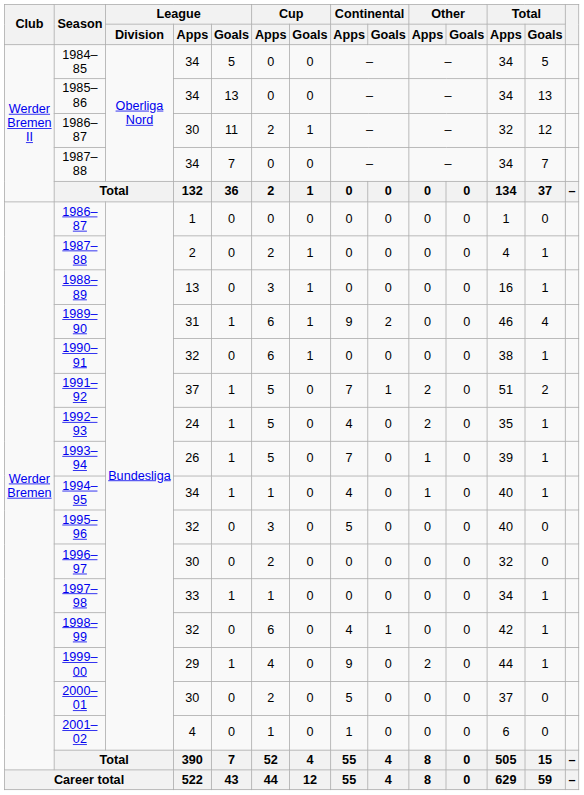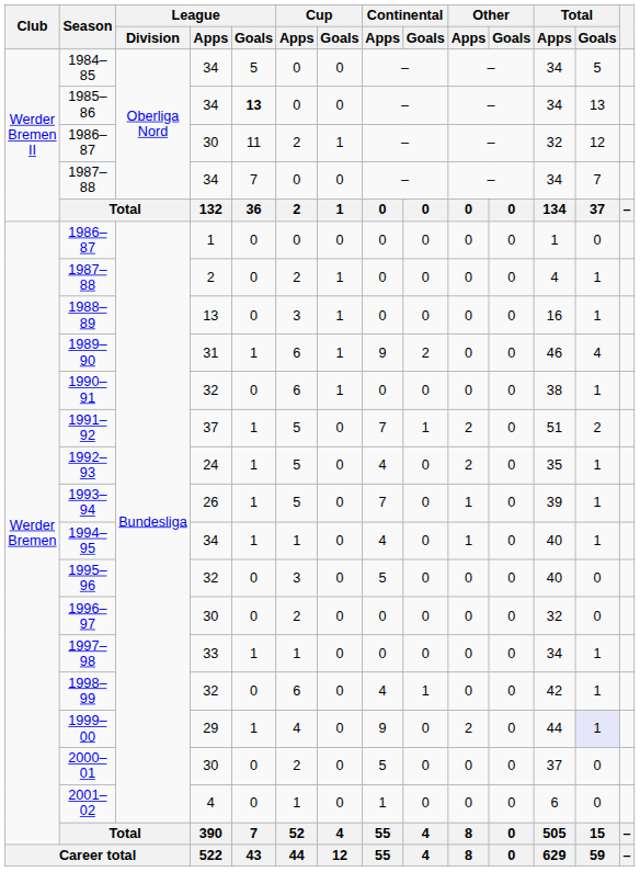 <table class="wikitable" style="text-align: center">
 <tr>
 <th rowspan="2">Club</th>
 <th rowspan="2">Season</th>
 <th colspan="3">League</th>
 <th colspan="2">Cup</th>
 <th colspan="2">Continental</th>
 <th colspan="2">Other</th>
 <th colspan="2">Total</th>
 <th rowspan="2"></th>
 </tr>
 <tr>
 <th>Division</th>
 <th>Apps</th>
 <th>Goals</th>
 <th>Apps</th>
 <th>Goals</th>
 <th>Apps</th>
 <th>Goals</th>
 <th>Apps</th>
 <th>Goals</th>
 <th>Apps</th>
 <th>Goals</th>
 </tr>
 <tr>
 <td rowspan="5"><a href='#'>Werder Bremen II</a></td>
 <td>1984–85</td>
 <td rowspan="4"><a href='#'>Oberliga Nord</a></td>
 <td>34</td>
 <td>5</td>
 <td>0</td>
 <td>0</td>
 <td colspan="2">–</td>
 <td colspan="2">–</td>
 <td>34</td>
 <td>5</td>
 <td></td>
 </tr>
 <tr>
 <td>1985–86</td>
 <td>34</td>
-<td>13</td>
+<td><strong>13</strong></td>
 <td>0</td>
 <td>0</td>
 <td colspan="2">–</td>
 <td colspan="2">–</td>
 <td>34</td>
 <td>13</td>
 <td></td>
 </tr>
 <tr>
 <td>1986–87</td>
 <td>30</td>
 <td>11</td>
 <td>2</td>
 <td>1</td>
 <td colspan="2">–</td>
 <td colspan="2">–</td>
 <td>32</td>
 <td>12</td>
 <td></td>
 </tr>
 <tr>
 <td>1987–88</td>
 <td>34</td>
 <td>7</td>
 <td>0</td>
 <td>0</td>
 <td colspan="2">–</td>
 <td colspan="2">–</td>
 <td>34</td>
 <td>7</td>
 <td></td>
 </tr>
 <tr>
 <th colspan="2">Total</th>
 <th>132</th>
 <th>36</th>
 <th>2</th>
 <th>1</th>
 <th>0</th>
 <th>0</th>
 <th>0</th>
 <th>0</th>
 <th>134</th>
 <th>37</th>
 <th>–</th>
 </tr>
 <tr>
 <td rowspan="17"><a href='#'>Werder Bremen</a></td>
 <td><a href='#'>1986–87</a></td>
 <td rowspan="16"><a href='#'>Bundesliga</a></td>
 <td>1</td>
 <td>0</td>
 <td>0</td>
 <td>0</td>
 <td>0</td>
 <td>0</td>
 <td>0</td>
 <td>0</td>
 <td>1</td>
 <td>0</td>
 <td></td>
 </tr>
 <tr>
 <td><a href='#'>1987–88</a></td>
 <td>2</td>
 <td>0</td>
 <td>2</td>
 <td>1</td>
 <td>0</td>
 <td>0</td>
 <td>0</td>
 <td>0</td>
 <td>4</td>
 <td>1</td>
 <td></td>
 </tr>
 <tr>
 <td><a href='#'>1988–89</a></td>
 <td>13</td>
 <td>0</td>
 <td>3</td>
 <td>1</td>
 <td>0</td>
 <td>0</td>
 <td>0</td>
 <td>0</td>
 <td>16</td>
 <td>1</td>
 <td></td>
 </tr>
 <tr>
 <td><a href='#'>1989–90</a></td>
 <td>31</td>
 <td>1</td>
 <td>6</td>
 <td>1</td>
 <td>9</td>
 <td>2</td>
 <td>0</td>
 <td>0</td>
 <td>46</td>
 <td>4</td>
 <td></td>
 </tr>
 <tr>
 <td><a href='#'>1990–91</a></td>
 <td>32</td>
 <td>0</td>
 <td>6</td>
 <td>1</td>
 <td>0</td>
 <td>0</td>
 <td>0</td>
 <td>0</td>
 <td>38</td>
 <td>1</td>
 <td></td>
 </tr>
 <tr>
 <td><a href='#'>1991–92</a></td>
 <td>37</td>
 <td>1</td>
 <td>5</td>
 <td>0</td>
 <td>7</td>
 <td>1</td>
 <td>2</td>
 <td>0</td>
 <td>51</td>
 <td>2</td>
 <td></td>
 </tr>
 <tr>
 <td><a href='#'>1992–93</a></td>
 <td>24</td>
 <td>1</td>
 <td>5</td>
 <td>0</td>
 <td>4</td>
 <td>0</td>
 <td>2</td>
 <td>0</td>
 <td>35</td>
 <td>1</td>
 <td></td>
 </tr>
 <tr>
 <td><a href='#'>1993–94</a></td>
 <td>26</td>
 <td>1</td>
 <td>5</td>
 <td>0</td>
 <td>7</td>
 <td>0</td>
 <td>1</td>
 <td>0</td>
 <td>39</td>
 <td>1</td>
 <td></td>
 </tr>
 <tr>
 <td><a href='#'>1994–95</a></td>
 <td>34</td>
 <td>1</td>
 <td>1</td>
 <td>0</td>
 <td>4</td>
 <td>0</td>
 <td>1</td>
 <td>0</td>
 <td>40</td>
 <td>1</td>
 <td></td>
 </tr>
 <tr>
 <td><a href='#'>1995–96</a></td>
 <td>32</td>
 <td>0</td>
 <td>3</td>
 <td>0</td>
 <td>5</td>
 <td>0</td>
 <td>0</td>
 <td>0</td>
 <td>40</td>
 <td>0</td>
 <td></td>
 </tr>
 <tr>
 <td><a href='#'>1996–97</a></td>
 <td>30</td>
 <td>0</td>
 <td>2</td>
 <td>0</td>
 <td>0</td>
 <td>0</td>
 <td>0</td>
 <td>0</td>
 <td>32</td>
 <td>0</td>
 <td></td>
 </tr>
 <tr>
 <td><a href='#'>1997–98</a></td>
 <td>33</td>
 <td>1</td>
 <td>1</td>
 <td>0</td>
 <td>0</td>
 <td>0</td>
 <td>0</td>
 <td>0</td>
 <td>34</td>
 <td>1</td>
 <td></td>
 </tr>
 <tr>
 <td><a href='#'>1998–99</a></td>
 <td>32</td>
 <td>0</td>
 <td>6</td>
 <td>0</td>
 <td>4</td>
 <td>1</td>
 <td>0</td>
 <td>0</td>
 <td>42</td>
 <td>1</td>
 <td></td>
 </tr>
 <tr>
 <td><a href='#'>1999–00</a></td>
 <td>29</td>
 <td>1</td>
 <td>4</td>
 <td>0</td>
 <td>9</td>
 <td>0</td>
 <td>2</td>
 <td>0</td>
 <td>44</td>
-<td>1</td>
+<td style="background: lavender;">1</td>
 <td></td>
 </tr>
 <tr>
 <td><a href='#'>2000–01</a></td>
 <td>30</td>
 <td>0</td>
 <td>2</td>
 <td>0</td>
 <td>5</td>
 <td>0</td>
 <td>0</td>
 <td>0</td>
 <td>37</td>
 <td>0</td>
 <td></td>
 </tr>
 <tr>
 <td><a href='#'>2001–02</a></td>
 <td>4</td>
 <td>0</td>
 <td>1</td>
 <td>0</td>
 <td>1</td>
 <td>0</td>
 <td>0</td>
 <td>0</td>
 <td>6</td>
 <td>0</td>
 <td></td>
 </tr>
 <tr>
 <th colspan="2">Total</th>
 <th>390</th>
 <th>7</th>
 <th>52</th>
 <th>4</th>
 <th>55</th>
 <th>4</th>
 <th>8</th>
 <th>0</th>
 <th>505</th>
 <th>15</th>
 <th>–</th>
 </tr>
 <tr>
 <th colspan="3">Career total</th>
 <th>522</th>
 <th>43</th>
 <th>44</th>
 <th>12</th>
 <th>55</th>
 <th>4</th>
 <th>8</th>
 <th>0</th>
 <th>629</th>
 <th>59</th>
 <th>–</th>
 </tr>
 </table>
